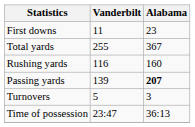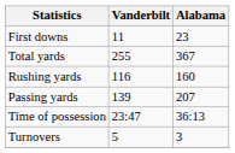 <table class="wikitable" style="float: left;">
 <tr>
 <th>Statistics</th>
 <th style=>Vanderbilt</th>
 <th>Alabama</th>
 </tr>
 <tr>
 <td>First downs</td>
 <td>11</td>
 <td>23</td>
 </tr>
 <tr>
 <td>Total yards</td>
 <td>255</td>
 <td>367</td>
 </tr>
 <tr>
 <td>Rushing yards</td>
 <td>116</td>
 <td>160</td>
 </tr>
 <tr>
 <td>Passing yards</td>
 <td>139</td>
-<td><strong>207</strong></td>
+<td>207</td>
+</tr>
+<tr>
+<td>Time of possession</td>
+<td>23:47</td>
+<td>36:13</td>
 </tr>
 <tr>
 <td>Turnovers</td>
 <td>5</td>
 <td>3</td>
 </tr>
 <tr>
-<td>Time of possession</td>
-<td>23:47</td>
-<td>36:13</td>
-</tr>
-<tr>
 </tr>
 </table>
